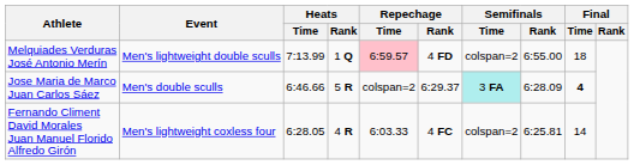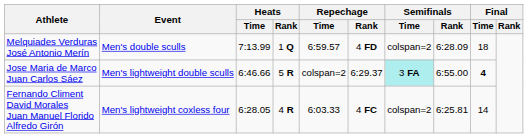 <table class="wikitable" style="font-size:90%">
 <tr>
 <th rowspan="2">Athlete</th>
 <th rowspan="2">Event</th>
 <th colspan="2">Heats</th>
 <th colspan="2">Repechage</th>
 <th colspan="2">Semifinals</th>
 <th colspan="2">Final</th>
 </tr>
 <tr style="font-size:95%">
 <th>Time</th>
 <th>Rank</th>
 <th>Time</th>
 <th>Rank</th>
 <th>Time</th>
 <th>Rank</th>
 <th>Time</th>
 <th>Rank</th>
 </tr>
 <tr align=center>
 <td align=left><a href='#'>Melquiades Verduras</a><br><a href='#'>José Antonio Merín</a></td>
-<td align=left><a href='#'>Men's lightweight double sculls</a></td>
+<td align=left><a href='#'>Men's double sculls</a></td>
 <td>7:13.99</td>
 <td>1 <strong>Q</strong></td>
-<td style="background: pink;">6:59.57</td>
+<td>6:59.57</td>
 <td>4 <strong>FD</strong></td>
 <td>colspan=2 </td>
-<td>6:55.00</td>
+<td>6:28.09</td>
 <td>18</td>
 </tr>
 <tr align=center>
 <td align=left><a href='#'>Jose Maria de Marco</a><br><a href='#'>Juan Carlos Sáez</a></td>
-<td align=left><a href='#'>Men's double sculls</a></td>
+<td align=left><a href='#'>Men's lightweight double sculls</a></td>
 <td>6:46.66</td>
 <td>5 <strong>R</strong></td>
 <td>colspan=2 </td>
 <td>6:29.37</td>
 <td style="background: paleturquoise;">3 <strong>FA</strong></td>
-<td>6:28.09</td>
+<td>6:55.00</td>
 <td><strong>4</strong></td>
 </tr>
 <tr align=center>
 <td align=left><a href='#'>Fernando Climent</a><br><a href='#'>David Morales</a><br><a href='#'>Juan Manuel Florido</a><br><a href='#'>Alfredo Girón</a></td>
 <td align=left><a href='#'>Men's lightweight coxless four</a></td>
 <td>6:28.05</td>
 <td>4 <strong>R</strong></td>
 <td>6:03.33</td>
 <td>4 <strong>FC</strong></td>
 <td>colspan=2 </td>
 <td>6:25.81</td>
 <td>14</td>
 </tr>
 </table>
